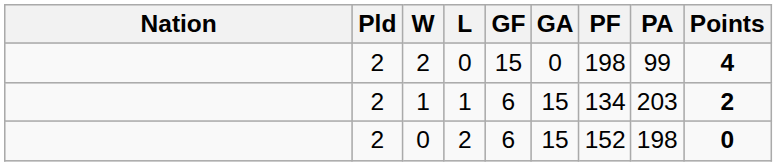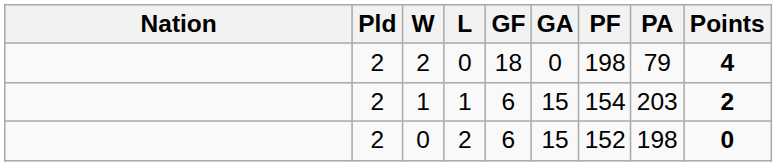 <table class=wikitable style="text-align:center">
 <tr>
 <th width=220>Nation</th>
 <th width=20>Pld</th>
 <th width=20>W</th>
 <th width=20>L</th>
 <th width=20>GF</th>
 <th width=20>GA</th>
 <th width=20>PF</th>
 <th width=20>PA</th>
 <th width=50>Points</th>
 </tr>
 <tr>
 <td align=left></td>
 <td>2</td>
 <td>2</td>
 <td>0</td>
-<td>15</td>
+<td>18</td>
 <td>0</td>
 <td>198</td>
-<td>99</td>
+<td>79</td>
 <td><strong>4</strong></td>
 </tr>
 <tr>
 <td align=left></td>
 <td>2</td>
 <td>1</td>
 <td>1</td>
 <td>6</td>
 <td>15</td>
-<td>134</td>
+<td>154</td>
 <td>203</td>
 <td><strong>2</strong></td>
 </tr>
 <tr>
 <td align=left></td>
 <td>2</td>
 <td>0</td>
 <td>2</td>
 <td>6</td>
 <td>15</td>
 <td>152</td>
 <td>198</td>
 <td><strong>0</strong></td>
 </tr>
 </table>
